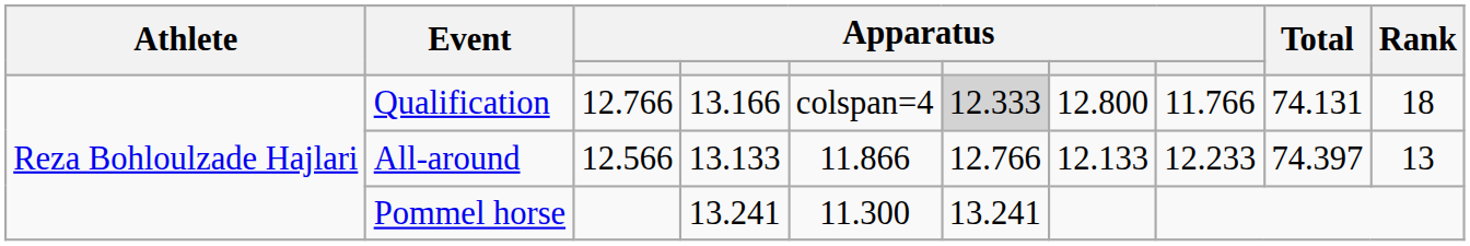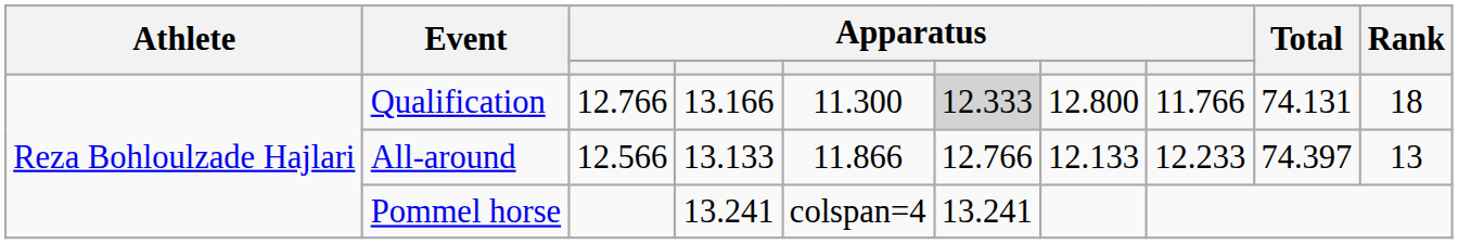 <table class="wikitable" style="text-align:center;font-size:90%">
 <tr>
 <th rowspan=2>Athlete</th>
 <th rowspan=2>Event</th>
 <th colspan=6>Apparatus</th>
 <th rowspan=2>Total</th>
 <th rowspan=2>Rank</th>
 </tr>
 <tr style="font-size:95%">
 <th></th>
 <th></th>
 <th></th>
 <th></th>
 <th></th>
 <th></th>
 </tr>
 <tr>
 <td rowspan=6 align=left><a href='#'>Reza Bohloulzade Hajlari</a></td>
 <td align=left><a href='#'>Qualification</a></td>
 <td>12.766</td>
 <td>13.166</td>
-<td>colspan=4 </td>
+<td>11.300</td>
 <td style="background: lightgrey;">12.333</td>
 <td>12.800</td>
 <td>11.766</td>
 <td>74.131</td>
 <td>18</td>
 </tr>
 <tr>
 <td align=left><a href='#'>All-around</a></td>
 <td>12.566</td>
 <td>13.133</td>
 <td>11.866</td>
 <td>12.766</td>
 <td>12.133</td>
 <td>12.233</td>
 <td>74.397</td>
 <td>13</td>
 </tr>
 <tr>
 <td align=left><a href='#'>Pommel horse</a></td>
 <td></td>
 <td>13.241</td>
-<td>11.300</td>
+<td>colspan=4 </td>
 <td>13.241</td>
 <td></td>
 </tr>
 </table>
